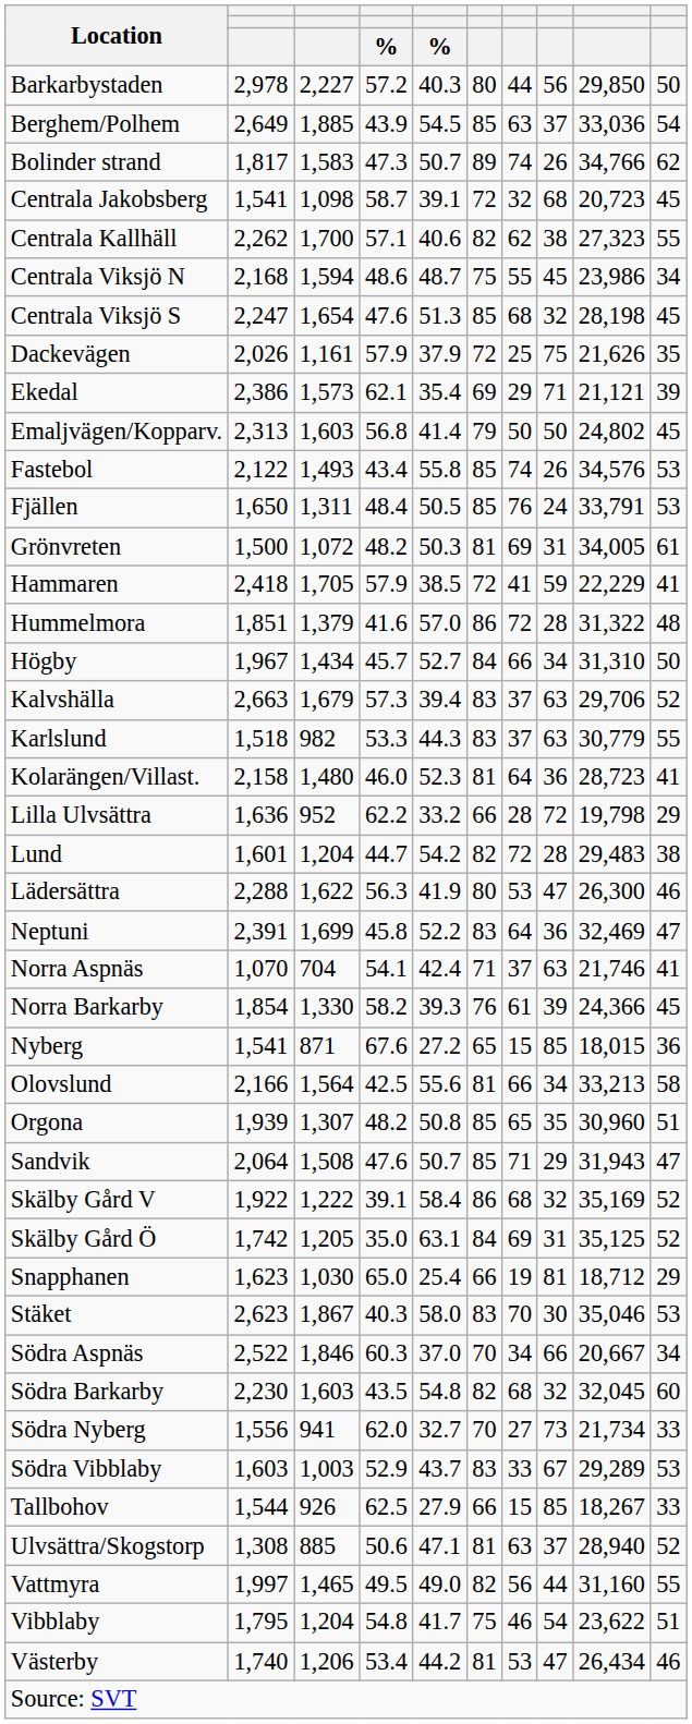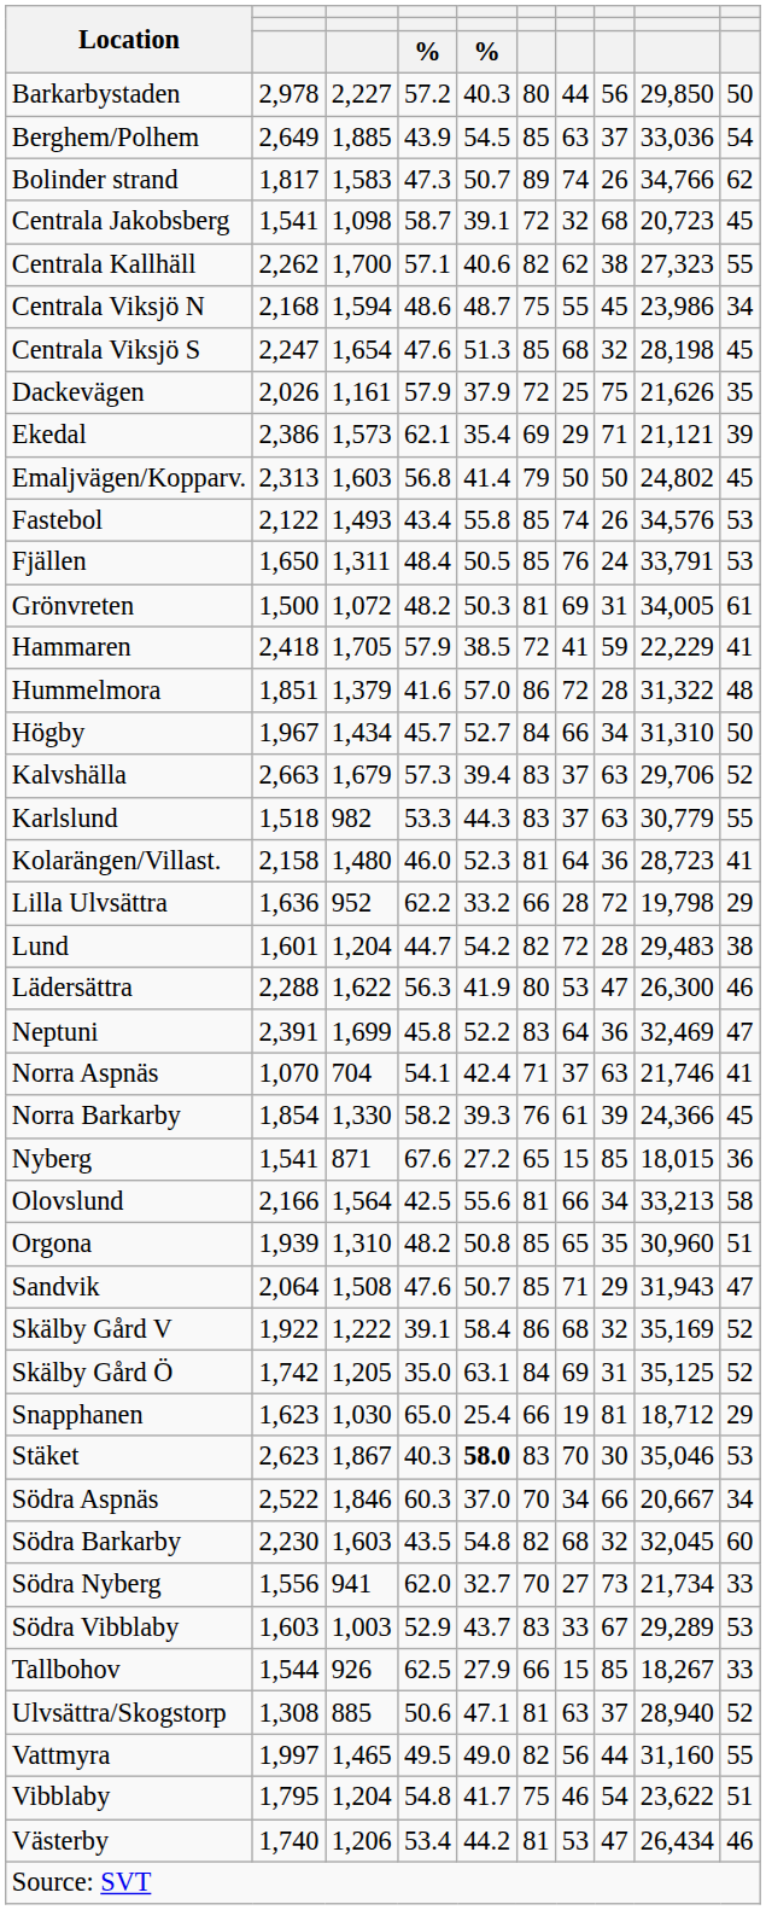 <table role="presentation" class="wikitable sortable mw-collapsible mw-collapsed">
 <tr>
 <th rowspan="3">Location</th>
 <th></th>
 <th></th>
 <th></th>
 <th></th>
 <th></th>
 <th></th>
 <th></th>
 <th></th>
 <th></th>
 </tr>
 <tr>
 <th></th>
 <th></th>
 <th style="background:"></th>
 <th style="background:"></th>
 <th></th>
 <th></th>
 <th></th>
 <th></th>
 <th></th>
 </tr>
 <tr>
 <th data-sort-type="number"></th>
 <th data-sort-type="number"></th>
 <th data-sort-type="number">%</th>
 <th data-sort-type="number">%</th>
 <th data-sort-type="number"></th>
 <th data-sort-type="number"></th>
 <th data-sort-type="number"></th>
 <th data-sort-type="number"></th>
 <th data-sort-type="number"></th>
 </tr>
 <tr>
 <td align="left">Barkarbystaden</td>
 <td>2,978</td>
 <td>2,227</td>
 <td>57.2</td>
 <td>40.3</td>
 <td>80</td>
 <td>44</td>
 <td>56</td>
 <td>29,850</td>
 <td>50</td>
 </tr>
 <tr>
 <td align="left">Berghem/Polhem</td>
 <td>2,649</td>
 <td>1,885</td>
 <td>43.9</td>
 <td>54.5</td>
 <td>85</td>
 <td>63</td>
 <td>37</td>
 <td>33,036</td>
 <td>54</td>
 </tr>
 <tr>
 <td align="left">Bolinder strand</td>
 <td>1,817</td>
 <td>1,583</td>
 <td>47.3</td>
 <td>50.7</td>
 <td>89</td>
 <td>74</td>
 <td>26</td>
 <td>34,766</td>
 <td>62</td>
 </tr>
 <tr>
 <td align="left">Centrala Jakobsberg</td>
 <td>1,541</td>
 <td>1,098</td>
 <td>58.7</td>
 <td>39.1</td>
 <td>72</td>
 <td>32</td>
 <td>68</td>
 <td>20,723</td>
 <td>45</td>
 </tr>
 <tr>
 <td align="left">Centrala Kallhäll</td>
 <td>2,262</td>
 <td>1,700</td>
 <td>57.1</td>
 <td>40.6</td>
 <td>82</td>
 <td>62</td>
 <td>38</td>
 <td>27,323</td>
 <td>55</td>
 </tr>
 <tr>
 <td align="left">Centrala Viksjö N</td>
 <td>2,168</td>
 <td>1,594</td>
 <td>48.6</td>
 <td>48.7</td>
 <td>75</td>
 <td>55</td>
 <td>45</td>
 <td>23,986</td>
 <td>34</td>
 </tr>
 <tr>
 <td align="left">Centrala Viksjö S</td>
 <td>2,247</td>
 <td>1,654</td>
 <td>47.6</td>
 <td>51.3</td>
 <td>85</td>
 <td>68</td>
 <td>32</td>
 <td>28,198</td>
 <td>45</td>
 </tr>
 <tr>
 <td align="left">Dackevägen</td>
 <td>2,026</td>
 <td>1,161</td>
 <td>57.9</td>
 <td>37.9</td>
 <td>72</td>
 <td>25</td>
 <td>75</td>
 <td>21,626</td>
 <td>35</td>
 </tr>
 <tr>
 <td align="left">Ekedal</td>
 <td>2,386</td>
 <td>1,573</td>
 <td>62.1</td>
 <td>35.4</td>
 <td>69</td>
 <td>29</td>
 <td>71</td>
 <td>21,121</td>
 <td>39</td>
 </tr>
 <tr>
 <td align="left">Emaljvägen/Kopparv.</td>
 <td>2,313</td>
 <td>1,603</td>
 <td>56.8</td>
 <td>41.4</td>
 <td>79</td>
 <td>50</td>
 <td>50</td>
 <td>24,802</td>
 <td>45</td>
 </tr>
 <tr>
 <td align="left">Fastebol</td>
 <td>2,122</td>
 <td>1,493</td>
 <td>43.4</td>
 <td>55.8</td>
 <td>85</td>
 <td>74</td>
 <td>26</td>
 <td>34,576</td>
 <td>53</td>
 </tr>
 <tr>
 <td align="left">Fjällen</td>
 <td>1,650</td>
 <td>1,311</td>
 <td>48.4</td>
 <td>50.5</td>
 <td>85</td>
 <td>76</td>
 <td>24</td>
 <td>33,791</td>
 <td>53</td>
 </tr>
 <tr>
 <td align="left">Grönvreten</td>
 <td>1,500</td>
 <td>1,072</td>
 <td>48.2</td>
 <td>50.3</td>
 <td>81</td>
 <td>69</td>
 <td>31</td>
 <td>34,005</td>
 <td>61</td>
 </tr>
 <tr>
 <td align="left">Hammaren</td>
 <td>2,418</td>
 <td>1,705</td>
 <td>57.9</td>
 <td>38.5</td>
 <td>72</td>
 <td>41</td>
 <td>59</td>
 <td>22,229</td>
 <td>41</td>
 </tr>
 <tr>
 <td align="left">Hummelmora</td>
 <td>1,851</td>
 <td>1,379</td>
 <td>41.6</td>
 <td>57.0</td>
 <td>86</td>
 <td>72</td>
 <td>28</td>
 <td>31,322</td>
 <td>48</td>
 </tr>
 <tr>
 <td align="left">Högby</td>
 <td>1,967</td>
 <td>1,434</td>
 <td>45.7</td>
 <td>52.7</td>
 <td>84</td>
 <td>66</td>
 <td>34</td>
 <td>31,310</td>
 <td>50</td>
 </tr>
 <tr>
 <td align="left">Kalvshälla</td>
 <td>2,663</td>
 <td>1,679</td>
 <td>57.3</td>
 <td>39.4</td>
 <td>83</td>
 <td>37</td>
 <td>63</td>
 <td>29,706</td>
 <td>52</td>
 </tr>
 <tr>
 <td align="left">Karlslund</td>
 <td>1,518</td>
 <td>982</td>
 <td>53.3</td>
 <td>44.3</td>
 <td>83</td>
 <td>37</td>
 <td>63</td>
 <td>30,779</td>
 <td>55</td>
 </tr>
 <tr>
 <td align="left">Kolarängen/Villast.</td>
 <td>2,158</td>
 <td>1,480</td>
 <td>46.0</td>
 <td>52.3</td>
 <td>81</td>
 <td>64</td>
 <td>36</td>
 <td>28,723</td>
 <td>41</td>
 </tr>
 <tr>
 <td align="left">Lilla Ulvsättra</td>
 <td>1,636</td>
 <td>952</td>
 <td>62.2</td>
 <td>33.2</td>
 <td>66</td>
 <td>28</td>
 <td>72</td>
 <td>19,798</td>
 <td>29</td>
 </tr>
 <tr>
 <td align="left">Lund</td>
 <td>1,601</td>
 <td>1,204</td>
 <td>44.7</td>
 <td>54.2</td>
 <td>82</td>
 <td>72</td>
 <td>28</td>
 <td>29,483</td>
 <td>38</td>
 </tr>
 <tr>
 <td align="left">Lädersättra</td>
 <td>2,288</td>
 <td>1,622</td>
 <td>56.3</td>
 <td>41.9</td>
 <td>80</td>
 <td>53</td>
 <td>47</td>
 <td>26,300</td>
 <td>46</td>
 </tr>
 <tr>
 <td align="left">Neptuni</td>
 <td>2,391</td>
 <td>1,699</td>
 <td>45.8</td>
 <td>52.2</td>
 <td>83</td>
 <td>64</td>
 <td>36</td>
 <td>32,469</td>
 <td>47</td>
 </tr>
 <tr>
 <td align="left">Norra Aspnäs</td>
 <td>1,070</td>
 <td>704</td>
 <td>54.1</td>
 <td>42.4</td>
 <td>71</td>
 <td>37</td>
 <td>63</td>
 <td>21,746</td>
 <td>41</td>
 </tr>
 <tr>
 <td align="left">Norra Barkarby</td>
 <td>1,854</td>
 <td>1,330</td>
 <td>58.2</td>
 <td>39.3</td>
 <td>76</td>
 <td>61</td>
 <td>39</td>
 <td>24,366</td>
 <td>45</td>
 </tr>
 <tr>
 <td align="left">Nyberg</td>
 <td>1,541</td>
 <td>871</td>
 <td>67.6</td>
 <td>27.2</td>
 <td>65</td>
 <td>15</td>
 <td>85</td>
 <td>18,015</td>
 <td>36</td>
 </tr>
 <tr>
 <td align="left">Olovslund</td>
 <td>2,166</td>
 <td>1,564</td>
 <td>42.5</td>
 <td>55.6</td>
 <td>81</td>
 <td>66</td>
 <td>34</td>
 <td>33,213</td>
 <td>58</td>
 </tr>
 <tr>
 <td align="left">Orgona</td>
 <td>1,939</td>
-<td>1,307</td>
+<td>1,310</td>
 <td>48.2</td>
 <td>50.8</td>
 <td>85</td>
 <td>65</td>
 <td>35</td>
 <td>30,960</td>
 <td>51</td>
 </tr>
 <tr>
 <td align="left">Sandvik</td>
 <td>2,064</td>
 <td>1,508</td>
 <td>47.6</td>
 <td>50.7</td>
 <td>85</td>
 <td>71</td>
 <td>29</td>
 <td>31,943</td>
 <td>47</td>
 </tr>
 <tr>
 <td align="left">Skälby Gård V</td>
 <td>1,922</td>
 <td>1,222</td>
 <td>39.1</td>
 <td>58.4</td>
 <td>86</td>
 <td>68</td>
 <td>32</td>
 <td>35,169</td>
 <td>52</td>
 </tr>
 <tr>
 <td align="left">Skälby Gård Ö</td>
 <td>1,742</td>
 <td>1,205</td>
 <td>35.0</td>
 <td>63.1</td>
 <td>84</td>
 <td>69</td>
 <td>31</td>
 <td>35,125</td>
 <td>52</td>
 </tr>
 <tr>
 <td align="left">Snapphanen</td>
 <td>1,623</td>
 <td>1,030</td>
 <td>65.0</td>
 <td>25.4</td>
 <td>66</td>
 <td>19</td>
 <td>81</td>
 <td>18,712</td>
 <td>29</td>
 </tr>
 <tr>
 <td align="left">Stäket</td>
 <td>2,623</td>
 <td>1,867</td>
 <td>40.3</td>
-<td>58.0</td>
+<td><strong>58.0</strong></td>
 <td>83</td>
 <td>70</td>
 <td>30</td>
 <td>35,046</td>
 <td>53</td>
 </tr>
 <tr>
 <td align="left">Södra Aspnäs</td>
 <td>2,522</td>
 <td>1,846</td>
 <td>60.3</td>
 <td>37.0</td>
 <td>70</td>
 <td>34</td>
 <td>66</td>
 <td>20,667</td>
 <td>34</td>
 </tr>
 <tr>
 <td align="left">Södra Barkarby</td>
 <td>2,230</td>
 <td>1,603</td>
 <td>43.5</td>
 <td>54.8</td>
 <td>82</td>
 <td>68</td>
 <td>32</td>
 <td>32,045</td>
 <td>60</td>
 </tr>
 <tr>
 <td align="left">Södra Nyberg</td>
 <td>1,556</td>
 <td>941</td>
 <td>62.0</td>
 <td>32.7</td>
 <td>70</td>
 <td>27</td>
 <td>73</td>
 <td>21,734</td>
 <td>33</td>
 </tr>
 <tr>
 <td align="left">Södra Vibblaby</td>
 <td>1,603</td>
 <td>1,003</td>
 <td>52.9</td>
 <td>43.7</td>
 <td>83</td>
 <td>33</td>
 <td>67</td>
 <td>29,289</td>
 <td>53</td>
 </tr>
 <tr>
 <td align="left">Tallbohov</td>
 <td>1,544</td>
 <td>926</td>
 <td>62.5</td>
 <td>27.9</td>
 <td>66</td>
 <td>15</td>
 <td>85</td>
 <td>18,267</td>
 <td>33</td>
 </tr>
 <tr>
 <td align="left">Ulvsättra/Skogstorp</td>
 <td>1,308</td>
 <td>885</td>
 <td>50.6</td>
 <td>47.1</td>
 <td>81</td>
 <td>63</td>
 <td>37</td>
 <td>28,940</td>
 <td>52</td>
 </tr>
 <tr>
 <td align="left">Vattmyra</td>
 <td>1,997</td>
 <td>1,465</td>
 <td>49.5</td>
 <td>49.0</td>
 <td>82</td>
 <td>56</td>
 <td>44</td>
 <td>31,160</td>
 <td>55</td>
 </tr>
 <tr>
 <td align="left">Vibblaby</td>
 <td>1,795</td>
 <td>1,204</td>
 <td>54.8</td>
 <td>41.7</td>
 <td>75</td>
 <td>46</td>
 <td>54</td>
 <td>23,622</td>
 <td>51</td>
 </tr>
 <tr>
 <td align="left">Västerby</td>
 <td>1,740</td>
 <td>1,206</td>
 <td>53.4</td>
 <td>44.2</td>
 <td>81</td>
 <td>53</td>
 <td>47</td>
 <td>26,434</td>
 <td>46</td>
 </tr>
 <tr>
 <td colspan="10" align="left">Source: <a href='#'>SVT</a></td>
 </tr>
 </table>
